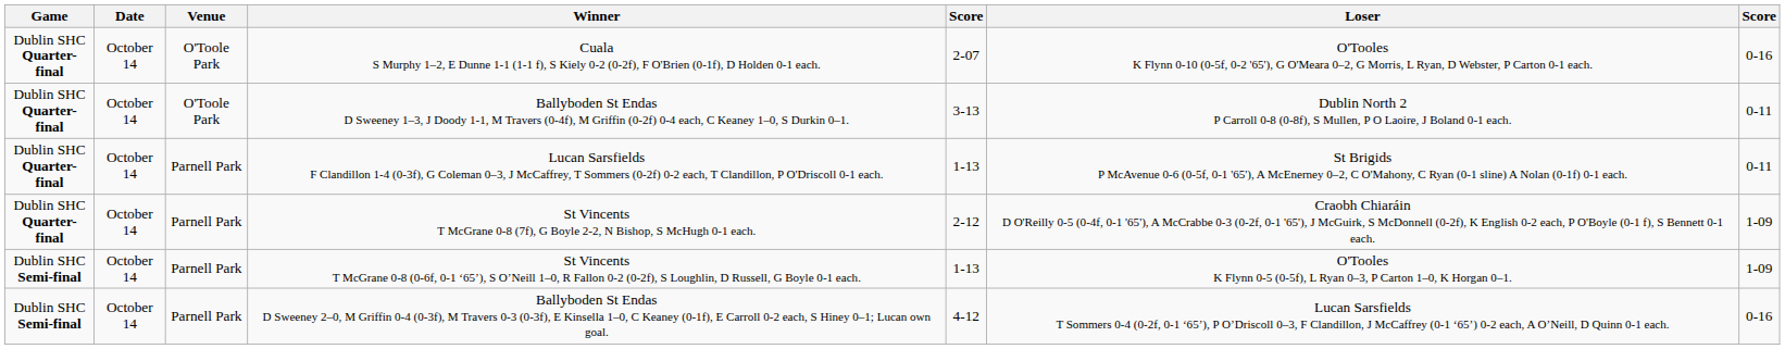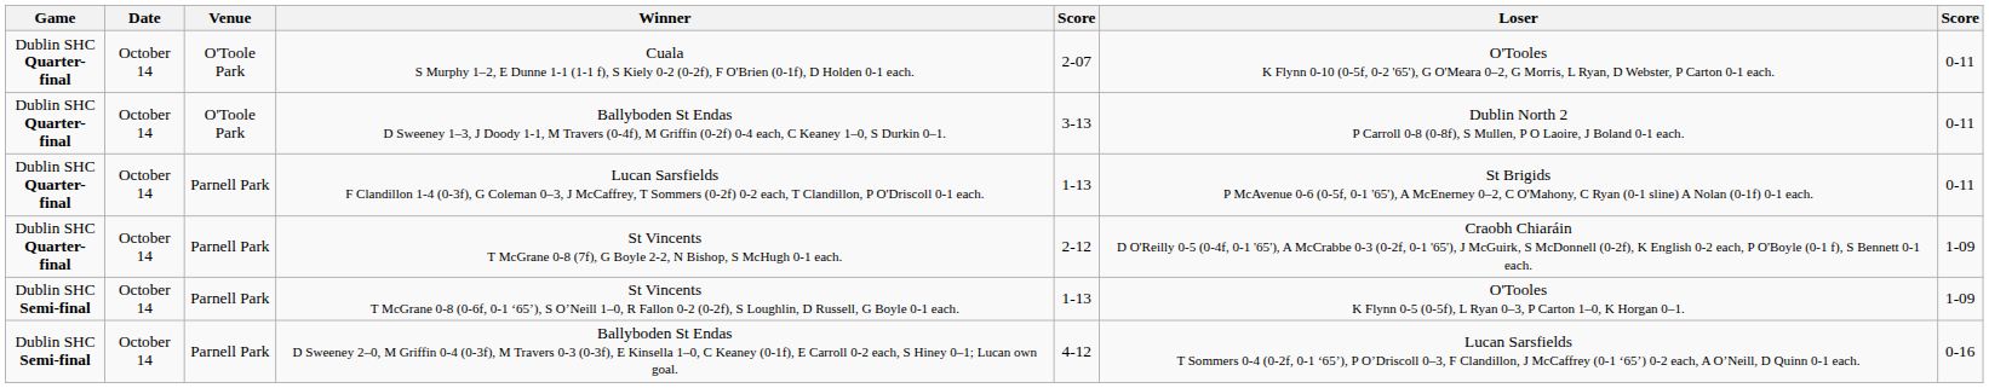 <table class="wikitable">
 <tr>
 <th>Game</th>
 <th>Date</th>
 <th>Venue</th>
 <th>Winner</th>
 <th>Score</th>
 <th>Loser</th>
 <th>Score</th>
 </tr>
 <tr align="center">
 <td>Dublin SHC<br><strong>Quarter-final</strong></td>
 <td>October 14</td>
 <td>O'Toole Park</td>
 <td>Cuala<br><small>S Murphy 1–2, E Dunne 1-1 (1-1 f), S Kiely 0-2 (0-2f), F O'Brien (0-1f), D Holden 0-1 each.</small></td>
 <td>2-07</td>
 <td>O'Tooles<br><small>K Flynn 0-10 (0-5f, 0-2 '65'), G O'Meara 0–2, G Morris, L Ryan, D Webster, P Carton 0-1 each. </small></td>
-<td>0-16</td>
+<td>0-11</td>
 </tr>
 <tr align="center">
 <td>Dublin SHC<br><strong>Quarter-final</strong></td>
 <td>October 14</td>
 <td>O'Toole Park</td>
 <td>Ballyboden St Endas<br><small>D Sweeney 1–3, J Doody 1-1, M Travers (0-4f), M Griffin (0-2f) 0-4 each, C Keaney 1–0, S Durkin 0–1.</small></td>
 <td>3-13</td>
 <td>Dublin North 2<br><small>P Carroll 0-8 (0-8f), S Mullen, P O Laoire, J Boland 0-1 each.</small></td>
 <td>0-11</td>
 </tr>
 <tr align="center">
 <td>Dublin SHC<br><strong>Quarter-final</strong></td>
 <td>October 14</td>
 <td>Parnell Park</td>
 <td>Lucan Sarsfields<br><small>F Clandillon 1-4 (0-3f), G Coleman 0–3, J McCaffrey, T Sommers (0-2f) 0-2 each, T Clandillon, P O'Driscoll 0-1 each.</small></td>
 <td>1-13</td>
 <td>St Brigids<br><small>P McAvenue 0-6 (0-5f, 0-1 '65'), A McEnerney 0–2, C O'Mahony, C Ryan (0-1 sline) A Nolan (0-1f) 0-1 each.</small></td>
 <td>0-11</td>
 </tr>
 <tr align="center">
 <td>Dublin SHC<br><strong>Quarter-final</strong></td>
 <td>October 14</td>
 <td>Parnell Park</td>
 <td>St Vincents<br><small>T McGrane 0-8 (7f), G Boyle 2-2, N Bishop, S McHugh 0-1 each.</small></td>
 <td>2-12</td>
 <td>Craobh Chiaráin<br><small>D O'Reilly 0-5 (0-4f, 0-1 '65'), A McCrabbe 0-3 (0-2f, 0-1 '65'), J McGuirk, S McDonnell (0-2f), K English 0-2 each, P O'Boyle (0-1 f), S Bennett 0-1 each.</small></td>
 <td>1-09</td>
 </tr>
 <tr align="center">
 <td>Dublin SHC<br><strong>Semi-final</strong></td>
 <td>October 14</td>
 <td>Parnell Park</td>
 <td>St Vincents<br><small>T McGrane 0-8 (0-6f, 0-1 ‘65’), S O’Neill 1–0, R Fallon 0-2 (0-2f), S Loughlin, D Russell, G Boyle 0-1 each.</small></td>
 <td>1-13</td>
 <td>O'Tooles<br><small>K Flynn 0-5 (0-5f), L Ryan 0–3, P Carton 1–0, K Horgan 0–1. </small></td>
 <td>1-09</td>
 </tr>
 <tr align="center">
 <td>Dublin SHC<br><strong>Semi-final</strong></td>
 <td>October 14</td>
 <td>Parnell Park</td>
 <td>Ballyboden St Endas<br><small>D Sweeney 2–0, M Griffin 0-4 (0-3f), M Travers 0-3 (0-3f), E Kinsella 1–0, C Keaney (0-1f), E Carroll 0-2 each, S Hiney 0–1; Lucan own goal.</small></td>
 <td>4-12</td>
 <td>Lucan Sarsfields<br><small>T Sommers 0-4 (0-2f, 0-1 ‘65’), P O’Driscoll 0–3, F Clandillon, J McCaffrey (0-1 ‘65’) 0-2 each, A O’Neill, D Quinn 0-1 each.</small></td>
 <td>0-16</td>
 </tr>
 </table>
